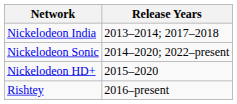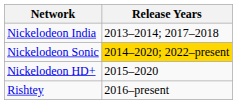 <table class="wikitable">
 <tr>
 <th>Network</th>
 <th>Release Years</th>
 </tr>
 <tr>
 <td><a href='#'>Nickelodeon India</a></td>
 <td>2013–2014; 2017–2018</td>
 </tr>
 <tr>
 <td><a href='#'>Nickelodeon Sonic</a></td>
-<td>2014–2020; 2022–present</td>
+<td style="background: gold;">2014–2020; 2022–present</td>
 </tr>
 <tr>
 <td><a href='#'>Nickelodeon HD+</a></td>
 <td>2015–2020</td>
 </tr>
 <tr>
 <td><a href='#'>Rishtey</a></td>
 <td>2016–present</td>
 </tr>
 </table>
